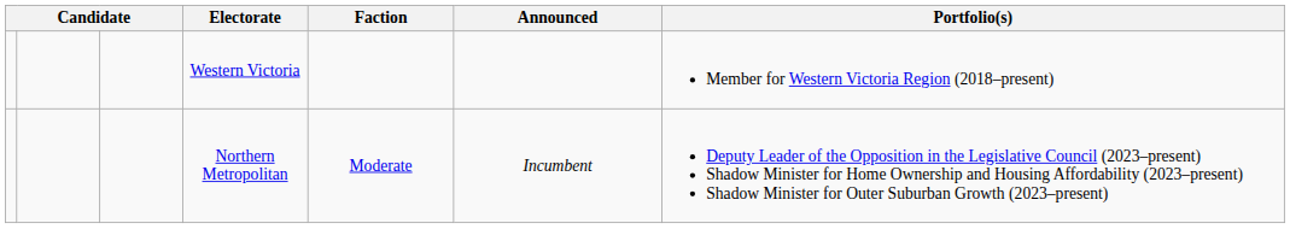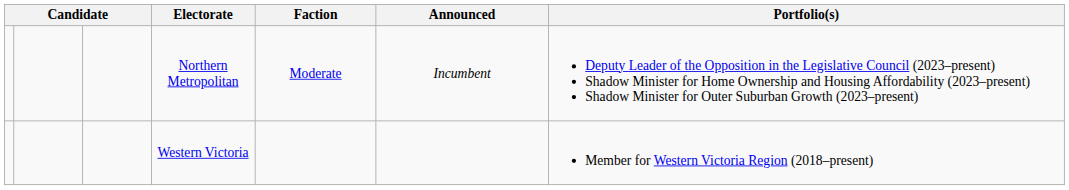 <table class="wikitable" style="text-align:center">
 <tr>
 <th width=175px; colspan=3>Candidate</th>
 <th width=115px>Electorate</th>
 <th width=135px>Faction</th>
 <th width=195px>Announced</th>
 <th width=600px>Portfolio(s)</th>
 </tr>
 <tr>
 <td width="3pt" > </td>
 <td></td>
 <td></td>
+<td><a href='#'>Northern Metropolitan</a></td>
+<td><a href='#'>Moderate</a></td>
+<td><em>Incumbent</em></td>
+<td align=left><br><ul><li><a href='#'>Deputy Leader of the Opposition in the Legislative Council</a> (2023–present)</li><li>Shadow Minister for Home Ownership and Housing Affordability (2023–present)</li><li>Shadow Minister for Outer Suburban Growth (2023–present)</li></ul></td>
+</tr>
+<tr>
+<td width="3pt" > </td>
+<td></td>
+<td></td>
 <td><a href='#'>Western Victoria</a></td>
 <td></td>
 <td></td>
 <td align=left><br><ul><li>Member for <a href='#'>Western Victoria Region</a> (2018–present)</li></ul></td>
 </tr>
-<tr>
-<td width="3pt" > </td>
-<td></td>
-<td></td>
-<td><a href='#'>Northern Metropolitan</a></td>
-<td><a href='#'>Moderate</a></td>
-<td><em>Incumbent</em></td>
-<td align=left><br><ul><li><a href='#'>Deputy Leader of the Opposition in the Legislative Council</a> (2023–present)</li><li>Shadow Minister for Home Ownership and Housing Affordability (2023–present)</li><li>Shadow Minister for Outer Suburban Growth (2023–present)</li></ul></td>
-</tr>
 </table>
